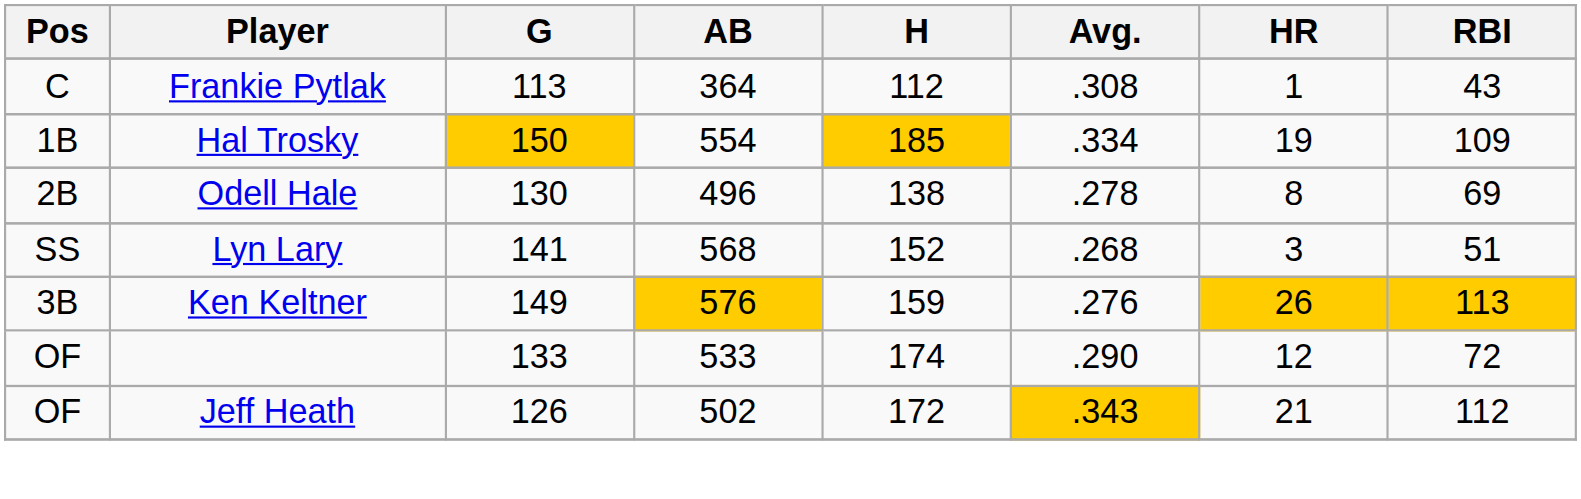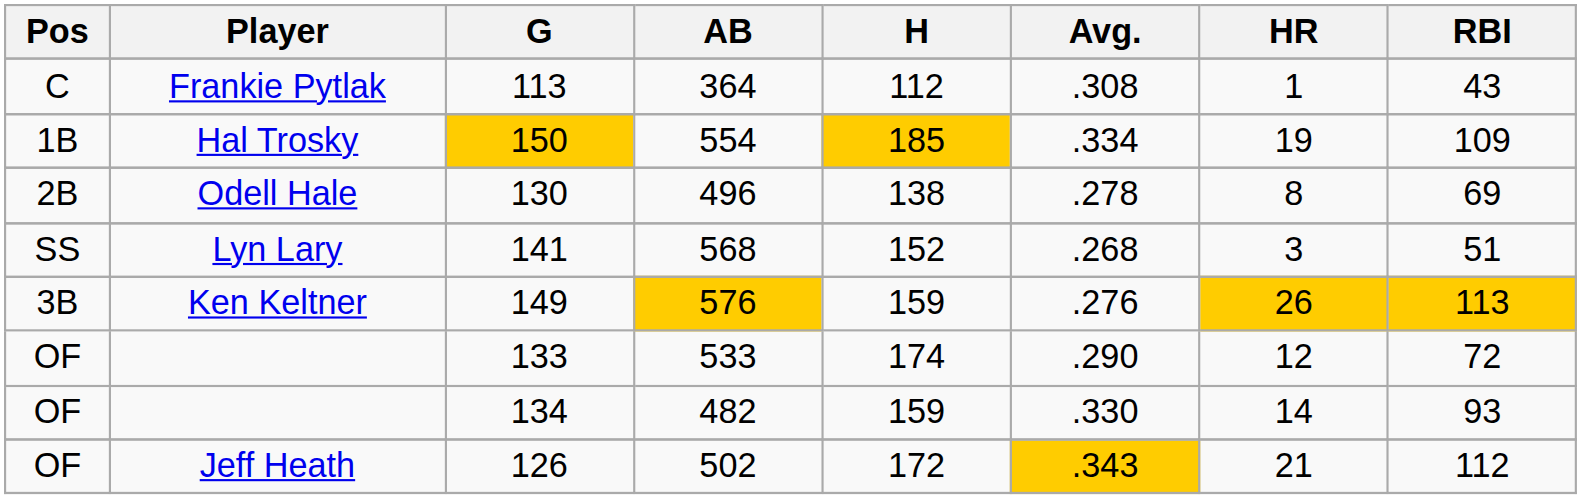 <table class="wikitable sortable">
 <tr>
 <th bgcolor="#DDDDFF" width="5%">Pos</th>
 <th bgcolor="#DDDDFF" width="16%">Player</th>
 <th bgcolor="#DDDDFF" width="9%">G</th>
 <th bgcolor="#DDDDFF" width="9%">AB</th>
 <th bgcolor="#DDDDFF" width="9%">H</th>
 <th bgcolor="#DDDDFF" width="9%">Avg.</th>
 <th bgcolor="#DDDDFF" width="9%">HR</th>
 <th bgcolor="#DDDDFF" width="9%">RBI</th>
 </tr>
 <tr>
 </tr>
 <tr align="center">
 <td>C</td>
 <td><a href='#'>Frankie Pytlak</a></td>
 <td>113</td>
 <td>364</td>
 <td>112</td>
 <td>.308</td>
 <td>1</td>
 <td>43</td>
 </tr>
 <tr>
 </tr>
 <tr align="center">
 <td>1B</td>
 <td><a href='#'>Hal Trosky</a></td>
 <td style="background:#fc0;">150</td>
 <td>554</td>
 <td style="background:#fc0;">185</td>
 <td>.334</td>
 <td>19</td>
 <td>109</td>
 </tr>
 <tr>
 </tr>
 <tr align="center">
 <td>2B</td>
 <td><a href='#'>Odell Hale</a></td>
 <td>130</td>
 <td>496</td>
 <td>138</td>
 <td>.278</td>
 <td>8</td>
 <td>69</td>
 </tr>
 <tr>
 </tr>
 <tr align="center">
 <td>SS</td>
 <td><a href='#'>Lyn Lary</a></td>
 <td>141</td>
 <td>568</td>
 <td>152</td>
 <td>.268</td>
 <td>3</td>
 <td>51</td>
 </tr>
 <tr>
 </tr>
 <tr align="center">
 <td>3B</td>
 <td><a href='#'>Ken Keltner</a></td>
 <td>149</td>
 <td style="background:#fc0;">576</td>
 <td>159</td>
 <td>.276</td>
 <td style="background:#fc0;">26</td>
 <td style="background:#fc0;">113</td>
 </tr>
 <tr align="center">
 <td>OF</td>
 <td></td>
 <td>133</td>
 <td>533</td>
 <td>174</td>
 <td>.290</td>
 <td>12</td>
 <td>72</td>
 </tr>
+<tr align="center">
+<td>OF</td>
+<td></td>
+<td>134</td>
+<td>482</td>
+<td>159</td>
+<td>.330</td>
+<td>14</td>
+<td>93</td>
+</tr>
 <tr>
 </tr>
 <tr align="center">
 <td>OF</td>
 <td><a href='#'>Jeff Heath</a></td>
 <td>126</td>
 <td>502</td>
 <td>172</td>
 <td style="background:#fc0;">.343</td>
 <td>21</td>
 <td>112</td>
 </tr>
 <tr align="center">
 </tr>
 </table>
